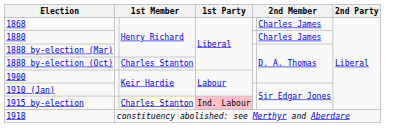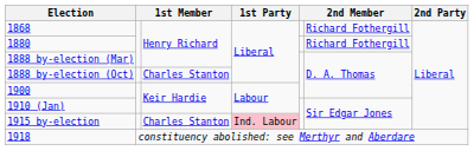 <table class="wikitable">
 <tr>
 <th>Election</th>
 <th colspan="2">1st Member</th>
 <th>1st Party</th>
 <th colspan="2">2nd Member</th>
 <th>2nd Party</th>
 </tr>
 <tr>
 <td><a href='#'>1868</a></td>
 <td rowspan="3" style="color:inherit;background-color: "></td>
 <td rowspan="3"><a href='#'>Henry Richard</a></td>
 <td rowspan="4"><a href='#'>Liberal</a></td>
 <td style="color:inherit;background-color: "></td>
-<td><a href='#'>Charles James</a></td>
+<td><a href='#'>Richard Fothergill</a></td>
 <td rowspan="7"><a href='#'>Liberal</a></td>
 </tr>
 <tr>
 <td><a href='#'>1880</a></td>
 <td style="color:inherit;background-color: "></td>
-<td><a href='#'>Charles James</a></td>
+<td><a href='#'>Richard Fothergill</a></td>
 </tr>
 <tr>
 <td><a href='#'>1888 by-election (Mar)</a></td>
 <td rowspan="3" style="color:inherit;background-color: "></td>
 <td rowspan="3"><a href='#'>D. A. Thomas</a></td>
 </tr>
 <tr>
 <td><a href='#'>1888 by-election (Oct)</a></td>
 <td style="color:inherit;background-color: "></td>
 <td><a href='#'>Charles Stanton</a></td>
 </tr>
 <tr>
 <td><a href='#'>1900</a></td>
 <td rowspan="2" style="color:inherit;background-color: "></td>
 <td rowspan="2"><a href='#'>Keir Hardie</a></td>
 <td rowspan="2"><a href='#'>Labour</a></td>
 </tr>
 <tr>
 <td><a href='#'>1910 (Jan)</a></td>
 <td rowspan="2" style="color:inherit;background-color: "></td>
 <td rowspan="2"><a href='#'>Sir Edgar Jones</a></td>
 </tr>
 <tr>
 <td><a href='#'>1915 by-election</a></td>
 <td style="color:inherit;background-color: "></td>
-<td style="background: lightyellow;"><a href='#'>Charles Stanton</a></td>
+<td><a href='#'>Charles Stanton</a></td>
 <td style="background: pink;">Ind. Labour</td>
 </tr>
 <tr>
 <td><a href='#'>1918</a></td>
 <td colspan="6"><em>constituency abolished: see <a href='#'>Merthyr</a> and <a href='#'>Aberdare</a></em></td>
 </tr>
 </table>
